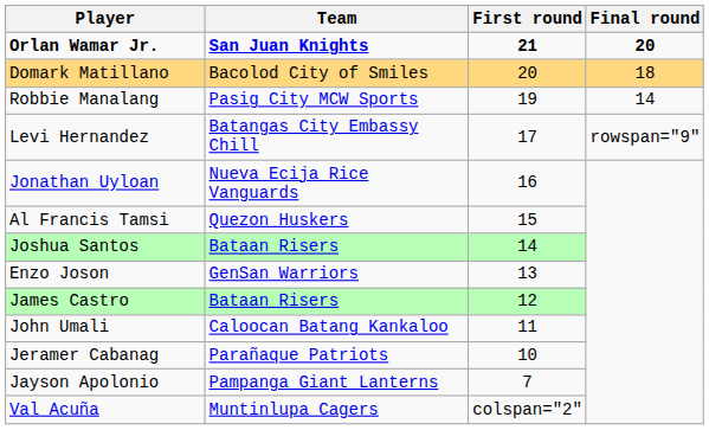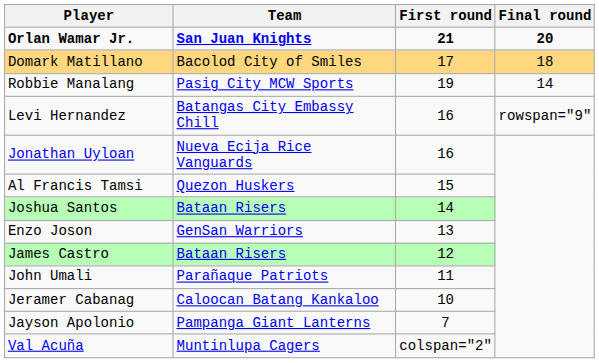 <table class="wikitable">
 <tr>
 <th width=150>Player</th>
 <th width=200>Team</th>
 <th>First round</th>
 <th>Final round</th>
 </tr>
 <tr>
 <td><strong>Orlan Wamar Jr.</strong></td>
 <td><strong><a href='#'>San Juan Knights</a></strong></td>
 <td align=center><strong>21</strong></td>
 <td align=center><strong>20</strong></td>
 </tr>
 <tr bgcolor=#FFD77F>
 <td>Domark Matillano</td>
 <td>Bacolod City of Smiles</td>
-<td align=center>20</td>
+<td align=center>17</td>
 <td align=center>18</td>
 </tr>
 <tr>
 <td>Robbie Manalang</td>
 <td><a href='#'>Pasig City MCW Sports</a></td>
 <td align=center>19</td>
 <td align=center>14</td>
 </tr>
 <tr>
 <td>Levi Hernandez</td>
 <td><a href='#'>Batangas City Embassy Chill</a></td>
-<td align=center>17</td>
+<td align=center>16</td>
 <td>rowspan="9" </td>
 </tr>
 <tr>
 <td><a href='#'>Jonathan Uyloan</a></td>
 <td><a href='#'>Nueva Ecija Rice Vanguards</a></td>
 <td align=center>16</td>
 </tr>
 <tr>
 <td>Al Francis Tamsi</td>
 <td><a href='#'>Quezon Huskers</a></td>
 <td align=center>15</td>
 </tr>
 <tr bgcolor=#B7FFB7>
 <td>Joshua Santos</td>
 <td><a href='#'>Bataan Risers</a></td>
 <td align=center>14</td>
 </tr>
 <tr>
 <td>Enzo Joson</td>
 <td><a href='#'>GenSan Warriors</a></td>
 <td align=center>13</td>
 </tr>
 <tr bgcolor=#B7FFB7>
 <td>James Castro</td>
 <td><a href='#'>Bataan Risers</a></td>
 <td align=center>12</td>
 </tr>
 <tr>
 <td>John Umali</td>
-<td><a href='#'>Caloocan Batang Kankaloo</a></td>
+<td><a href='#'>Parañaque Patriots</a></td>
 <td align=center>11</td>
 </tr>
 <tr>
 <td>Jeramer Cabanag</td>
-<td><a href='#'>Parañaque Patriots</a></td>
+<td><a href='#'>Caloocan Batang Kankaloo</a></td>
 <td align=center>10</td>
 </tr>
 <tr>
 <td>Jayson Apolonio</td>
 <td><a href='#'>Pampanga Giant Lanterns</a></td>
 <td align=center>7</td>
 </tr>
 <tr>
 <td><a href='#'>Val Acuña</a></td>
 <td><a href='#'>Muntinlupa Cagers</a></td>
 <td>colspan="2" </td>
 </tr>
 </table>
